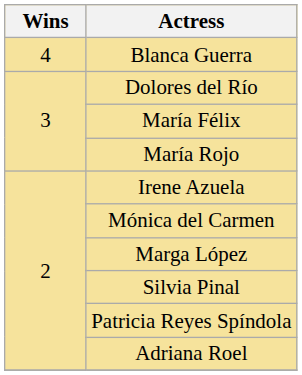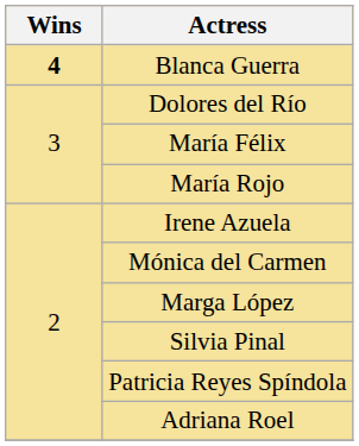 <table class="wikitable" rowspan=2 style="text-align: center; background: #f6e39c">
 <tr>
 <th scope="col" width="55">Wins</th>
 <th scope="col" align="center">Actress</th>
 </tr>
 <tr>
-<td rowspan=1 style="text-align:center;">4</td>
+<td rowspan=1 style="text-align:center;"><strong>4</strong></td>
 <td>Blanca Guerra</td>
 </tr>
 <tr>
 <td rowspan=3 style="text-align:center;">3</td>
 <td>Dolores del Río</td>
 </tr>
 <tr>
 <td>María Félix</td>
 </tr>
 <tr>
 <td>María Rojo</td>
 </tr>
 <tr>
 <td rowspan=6 style="text-align:center;">2</td>
 <td>Irene Azuela</td>
 </tr>
 <tr>
 <td>Mónica del Carmen</td>
 </tr>
 <tr>
 <td>Marga López</td>
 </tr>
 <tr>
 <td>Silvia Pinal</td>
 </tr>
 <tr>
 <td>Patricia Reyes Spíndola</td>
 </tr>
 <tr>
 <td>Adriana Roel</td>
 </tr>
 <tr>
 </tr>
 </table>
